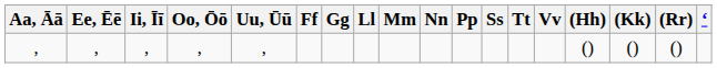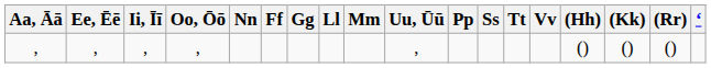 <table class="wikitable" style="text-align:center;">
 <tr>
 <th>Aa, Āā</th>
 <th>Ee, Ēē</th>
 <th>Ii, Īī</th>
 <th>Oo, Ōō</th>
-<th>Uu, Ūū</th>
+<th>Nn</th>
 <th>Ff</th>
 <th>Gg</th>
 <th>Ll</th>
 <th>Mm</th>
-<th>Nn</th>
+<th>Uu, Ūū</th>
 <th>Pp</th>
 <th>Ss</th>
 <th>Tt</th>
 <th>Vv</th>
 <th>(Hh)</th>
 <th>(Kk)</th>
 <th>(Rr)</th>
 <th><a href='#'>‘</a></th>
 </tr>
 <tr>
 <td>, </td>
 <td>, </td>
 <td>, </td>
 <td>, </td>
-<td>, </td>
 <td></td>
 <td></td>
 <td></td>
 <td></td>
 <td></td>
+<td>, </td>
 <td></td>
 <td></td>
 <td></td>
 <td></td>
 <td>()</td>
 <td>()</td>
 <td>()</td>
 <td></td>
 </tr>
 </table>
